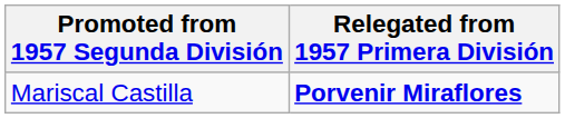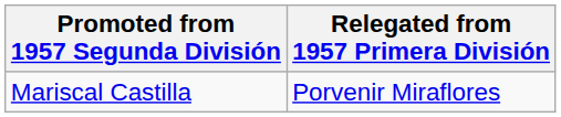 <table class="wikitable">
 <tr>
 <th>Promoted from<br><a href='#'>1957 Segunda División</a></th>
 <th>Relegated from<br><a href='#'>1957 Primera División</a></th>
 </tr>
 <tr>
 <td> <a href='#'>Mariscal Castilla</a> </td>
-<td><strong> <a href='#'>Porvenir Miraflores</a> </strong></td>
+<td> <a href='#'>Porvenir Miraflores</a> </td>
 </tr>
 </table>
